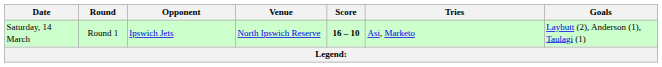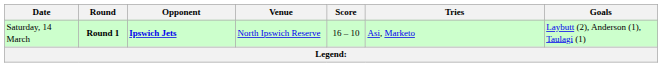 <table class="wikitable" style="font-size:75%;">
 <tr>
 <th style="width:105px;">Date</th>
 <th style="width:65px;">Round</th>
 <th style="width:160px;">Opponent</th>
 <th style="width:135px;">Venue</th>
 <th style="width:50px;">Score</th>
 <th style="width:280px;">Tries</th>
 <th style="width:170px;">Goals</th>
 </tr>
 <tr style="background:#CCFFCC">
 <td>Saturday, 14 March</td>
-<td style="text-align:center;">Round 1</td>
-<td> <a href='#'>Ipswich Jets</a></td>
+<td style="text-align:center;"><strong>Round 1</strong></td>
+<td><strong> <a href='#'>Ipswich Jets</a></strong></td>
 <td><a href='#'>North Ipswich Reserve</a></td>
-<td style="text-align:center;"><strong>16 – 10</strong></td>
+<td style="text-align:center;">16 – 10</td>
 <td><a href='#'>Asi</a>, <a href='#'>Marketo</a></td>
 <td><a href='#'>Laybutt</a> (2), Anderson (1), <a href='#'>Taulagi</a> (1)</td>
 </tr>
 <tr>
 <th colspan="11"><strong>Legend</strong>:    </th>
 </tr>
 </table>
